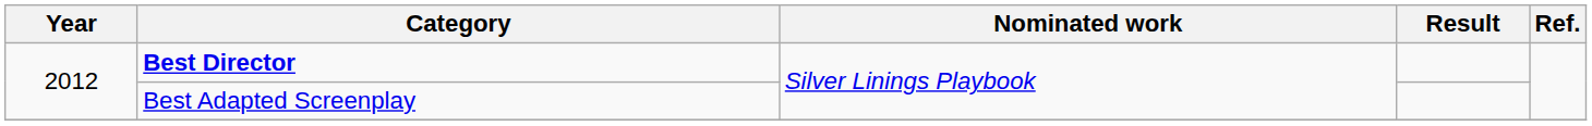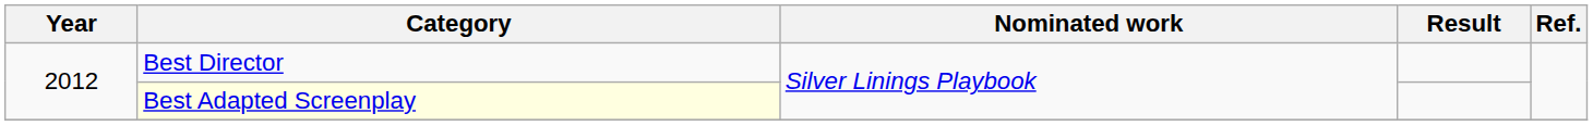 <table class=wikitable>
 <tr>
 <th scope="col" style="width:5em;">Year</th>
 <th scope="col" style="width:26em;">Category</th>
 <th scope="col" style="width:25em;">Nominated work</th>
 <th scope="col" style="width:5em;">Result</th>
 <th>Ref.</th>
 </tr>
 <tr>
 <td style="text-align:center;", rowspan=2>2012</td>
-<td><strong><a href='#'>Best Director</a></strong></td>
+<td><a href='#'>Best Director</a></td>
 <td rowspan=2><em><a href='#'>Silver Linings Playbook</a></em></td>
 <td></td>
 <td rowspan=2></td>
 </tr>
 <tr>
-<td><a href='#'>Best Adapted Screenplay</a></td>
+<td style="background: lightyellow;"><a href='#'>Best Adapted Screenplay</a></td>
 <td></td>
 </tr>
 <tr>
 </tr>
 </table>
